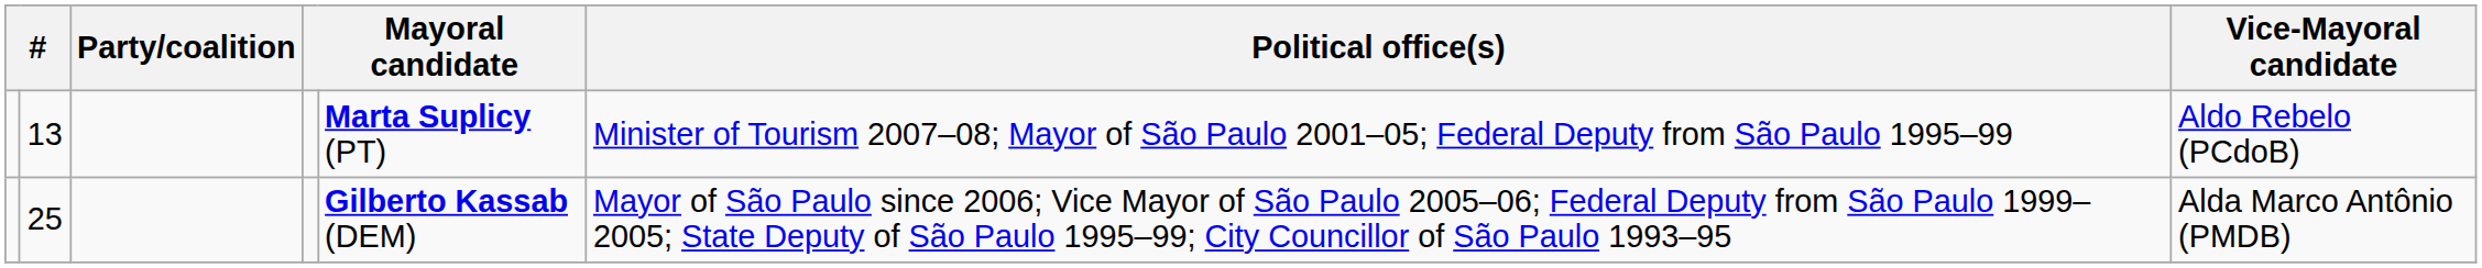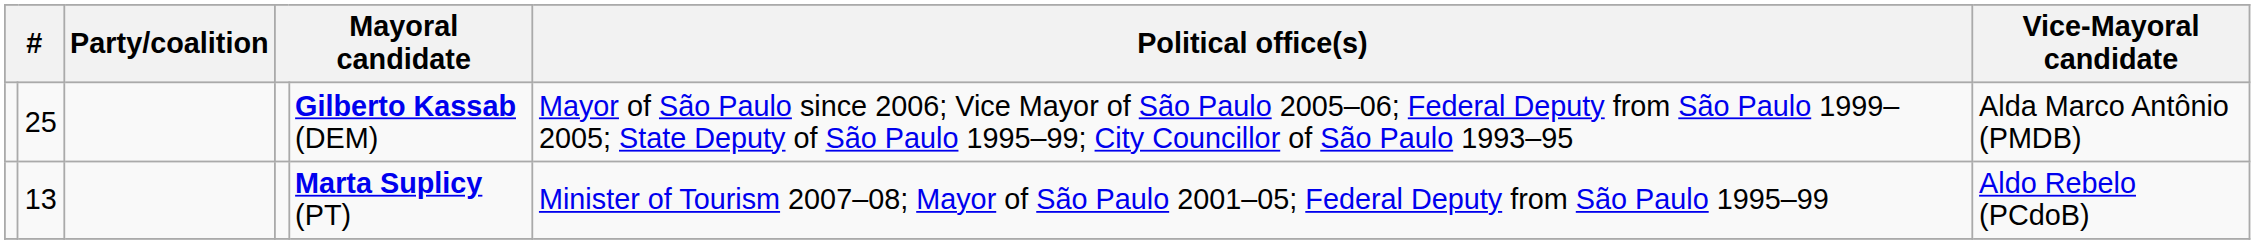 <table class="wikitable">
 <tr>
 <th colspan=2>#</th>
 <th>Party/coalition</th>
 <th colspan=2>Mayoral candidate</th>
 <th>Political office(s)</th>
 <th>Vice-Mayoral candidate</th>
 </tr>
 <tr>
 <td style="background:"></td>
+<td>25</td>
+<td></td>
+<td></td>
+<td><strong><a href='#'>Gilberto Kassab</a></strong> (DEM)</td>
+<td><a href='#'>Mayor</a> of <a href='#'>São Paulo</a> since 2006; Vice Mayor of <a href='#'>São Paulo</a> 2005–06; <a href='#'>Federal Deputy</a> from <a href='#'>São Paulo</a> 1999–2005; <a href='#'>State Deputy</a> of <a href='#'>São Paulo</a> 1995–99; <a href='#'>City Councillor</a> of <a href='#'>São Paulo</a> 1993–95</td>
+<td>Alda Marco Antônio (PMDB)</td>
+</tr>
+<tr>
+<td style="background:"></td>
 <td>13</td>
 <td></td>
 <td></td>
 <td><strong><a href='#'>Marta Suplicy</a></strong> (PT)</td>
 <td><a href='#'>Minister of Tourism</a> 2007–08; <a href='#'>Mayor</a> of <a href='#'>São Paulo</a> 2001–05; <a href='#'>Federal Deputy</a> from <a href='#'>São Paulo</a> 1995–99</td>
 <td><a href='#'>Aldo Rebelo</a> (PCdoB)</td>
 </tr>
-<tr>
-<td style="background:"></td>
-<td>25</td>
-<td></td>
-<td></td>
-<td><strong><a href='#'>Gilberto Kassab</a></strong> (DEM)</td>
-<td><a href='#'>Mayor</a> of <a href='#'>São Paulo</a> since 2006; Vice Mayor of <a href='#'>São Paulo</a> 2005–06; <a href='#'>Federal Deputy</a> from <a href='#'>São Paulo</a> 1999–2005; <a href='#'>State Deputy</a> of <a href='#'>São Paulo</a> 1995–99; <a href='#'>City Councillor</a> of <a href='#'>São Paulo</a> 1993–95</td>
-<td>Alda Marco Antônio (PMDB)</td>
-</tr>
 </table>
